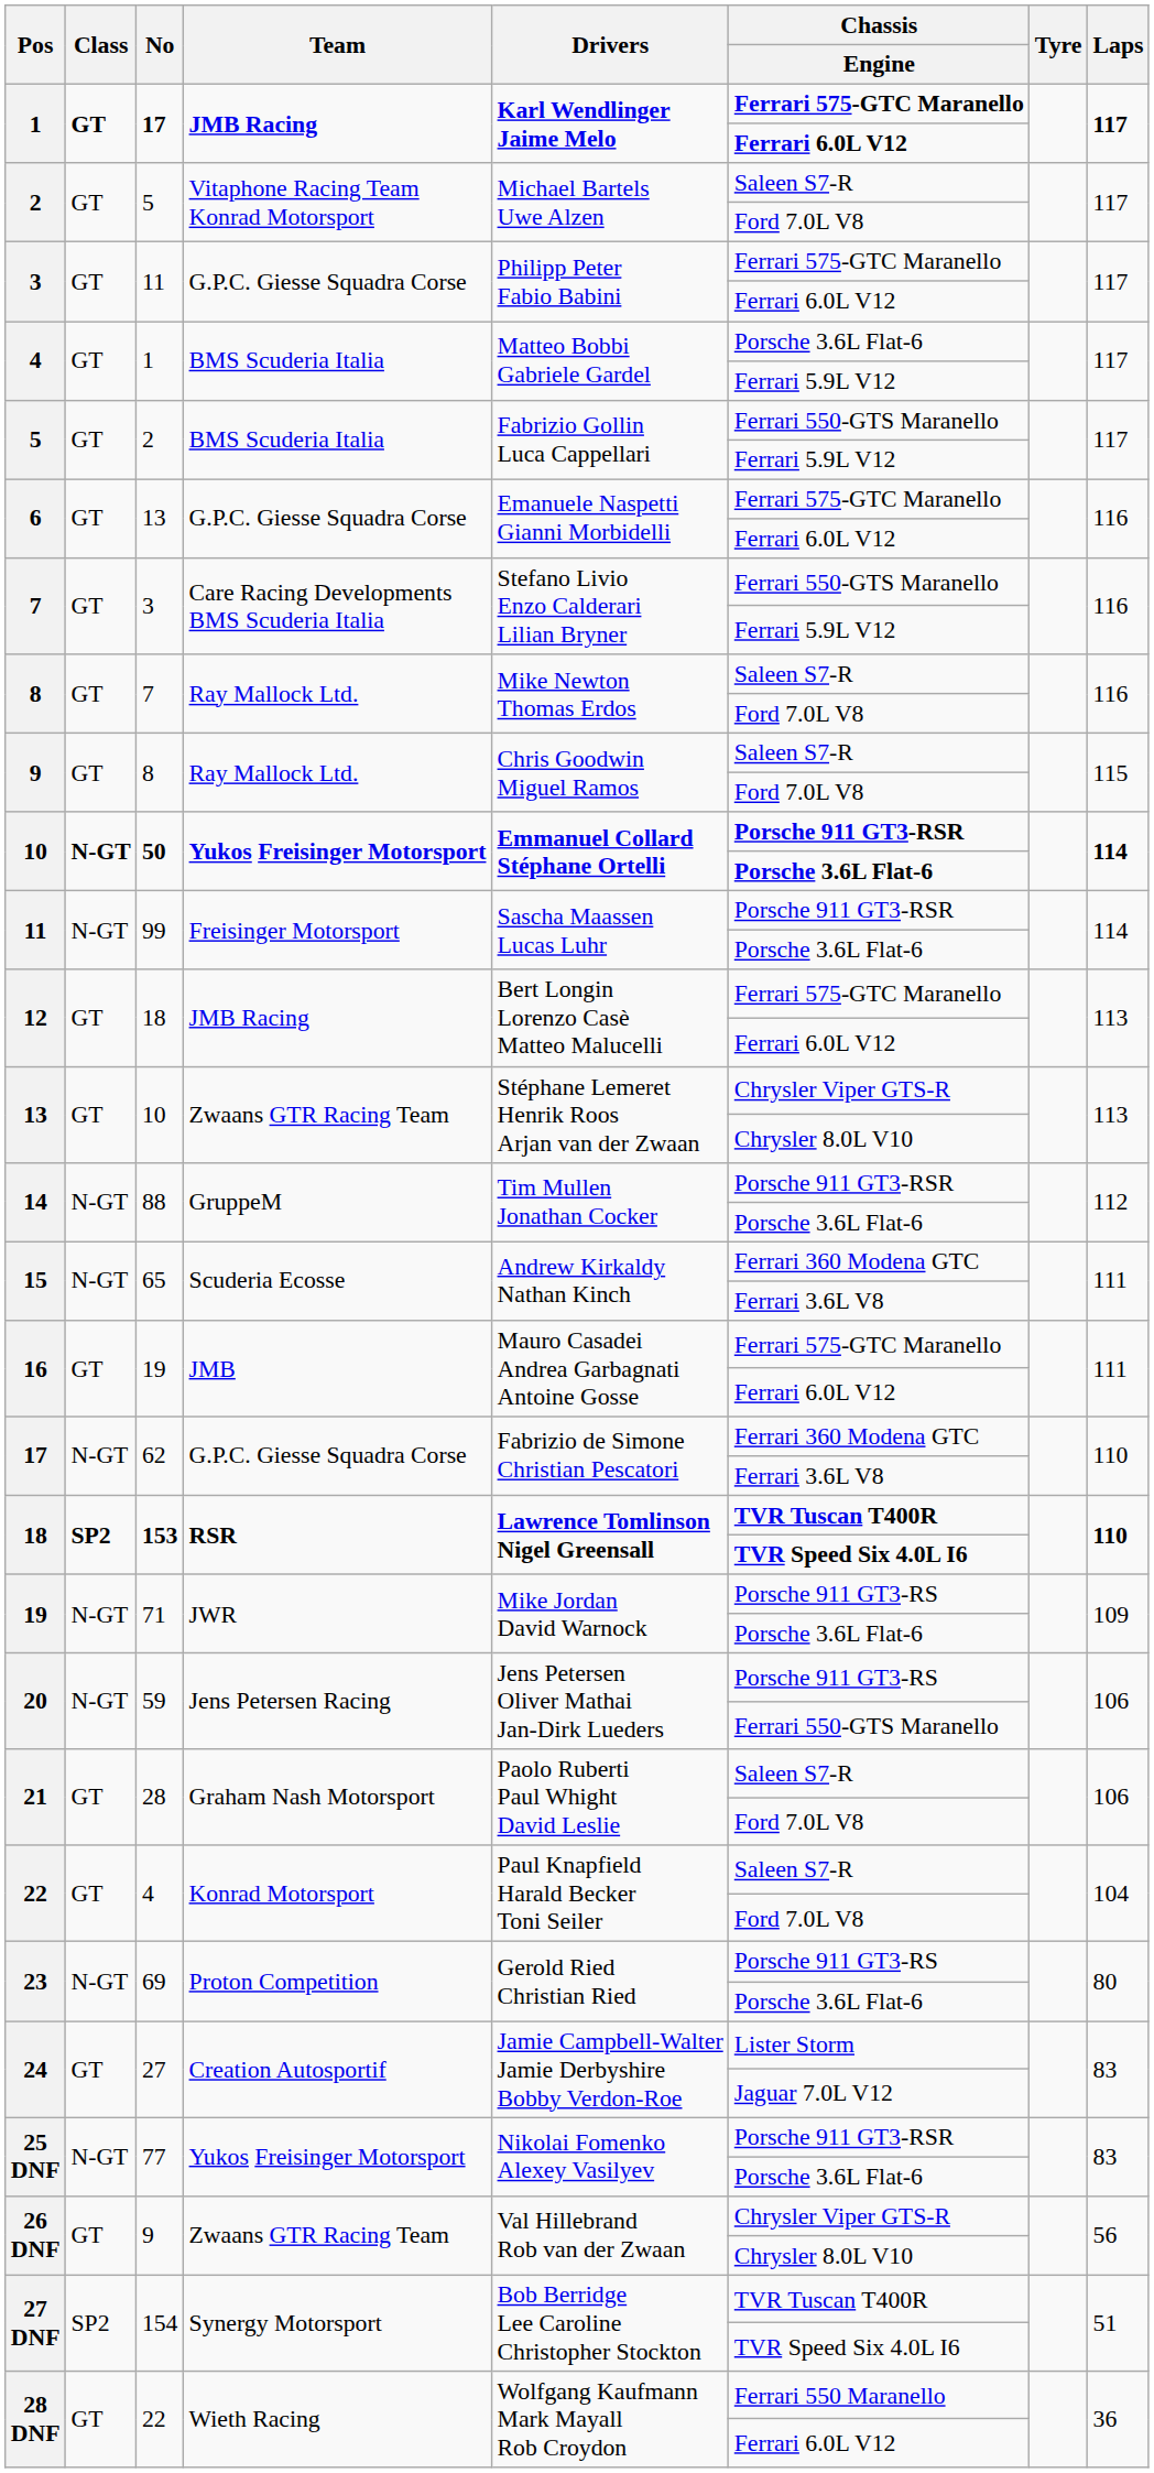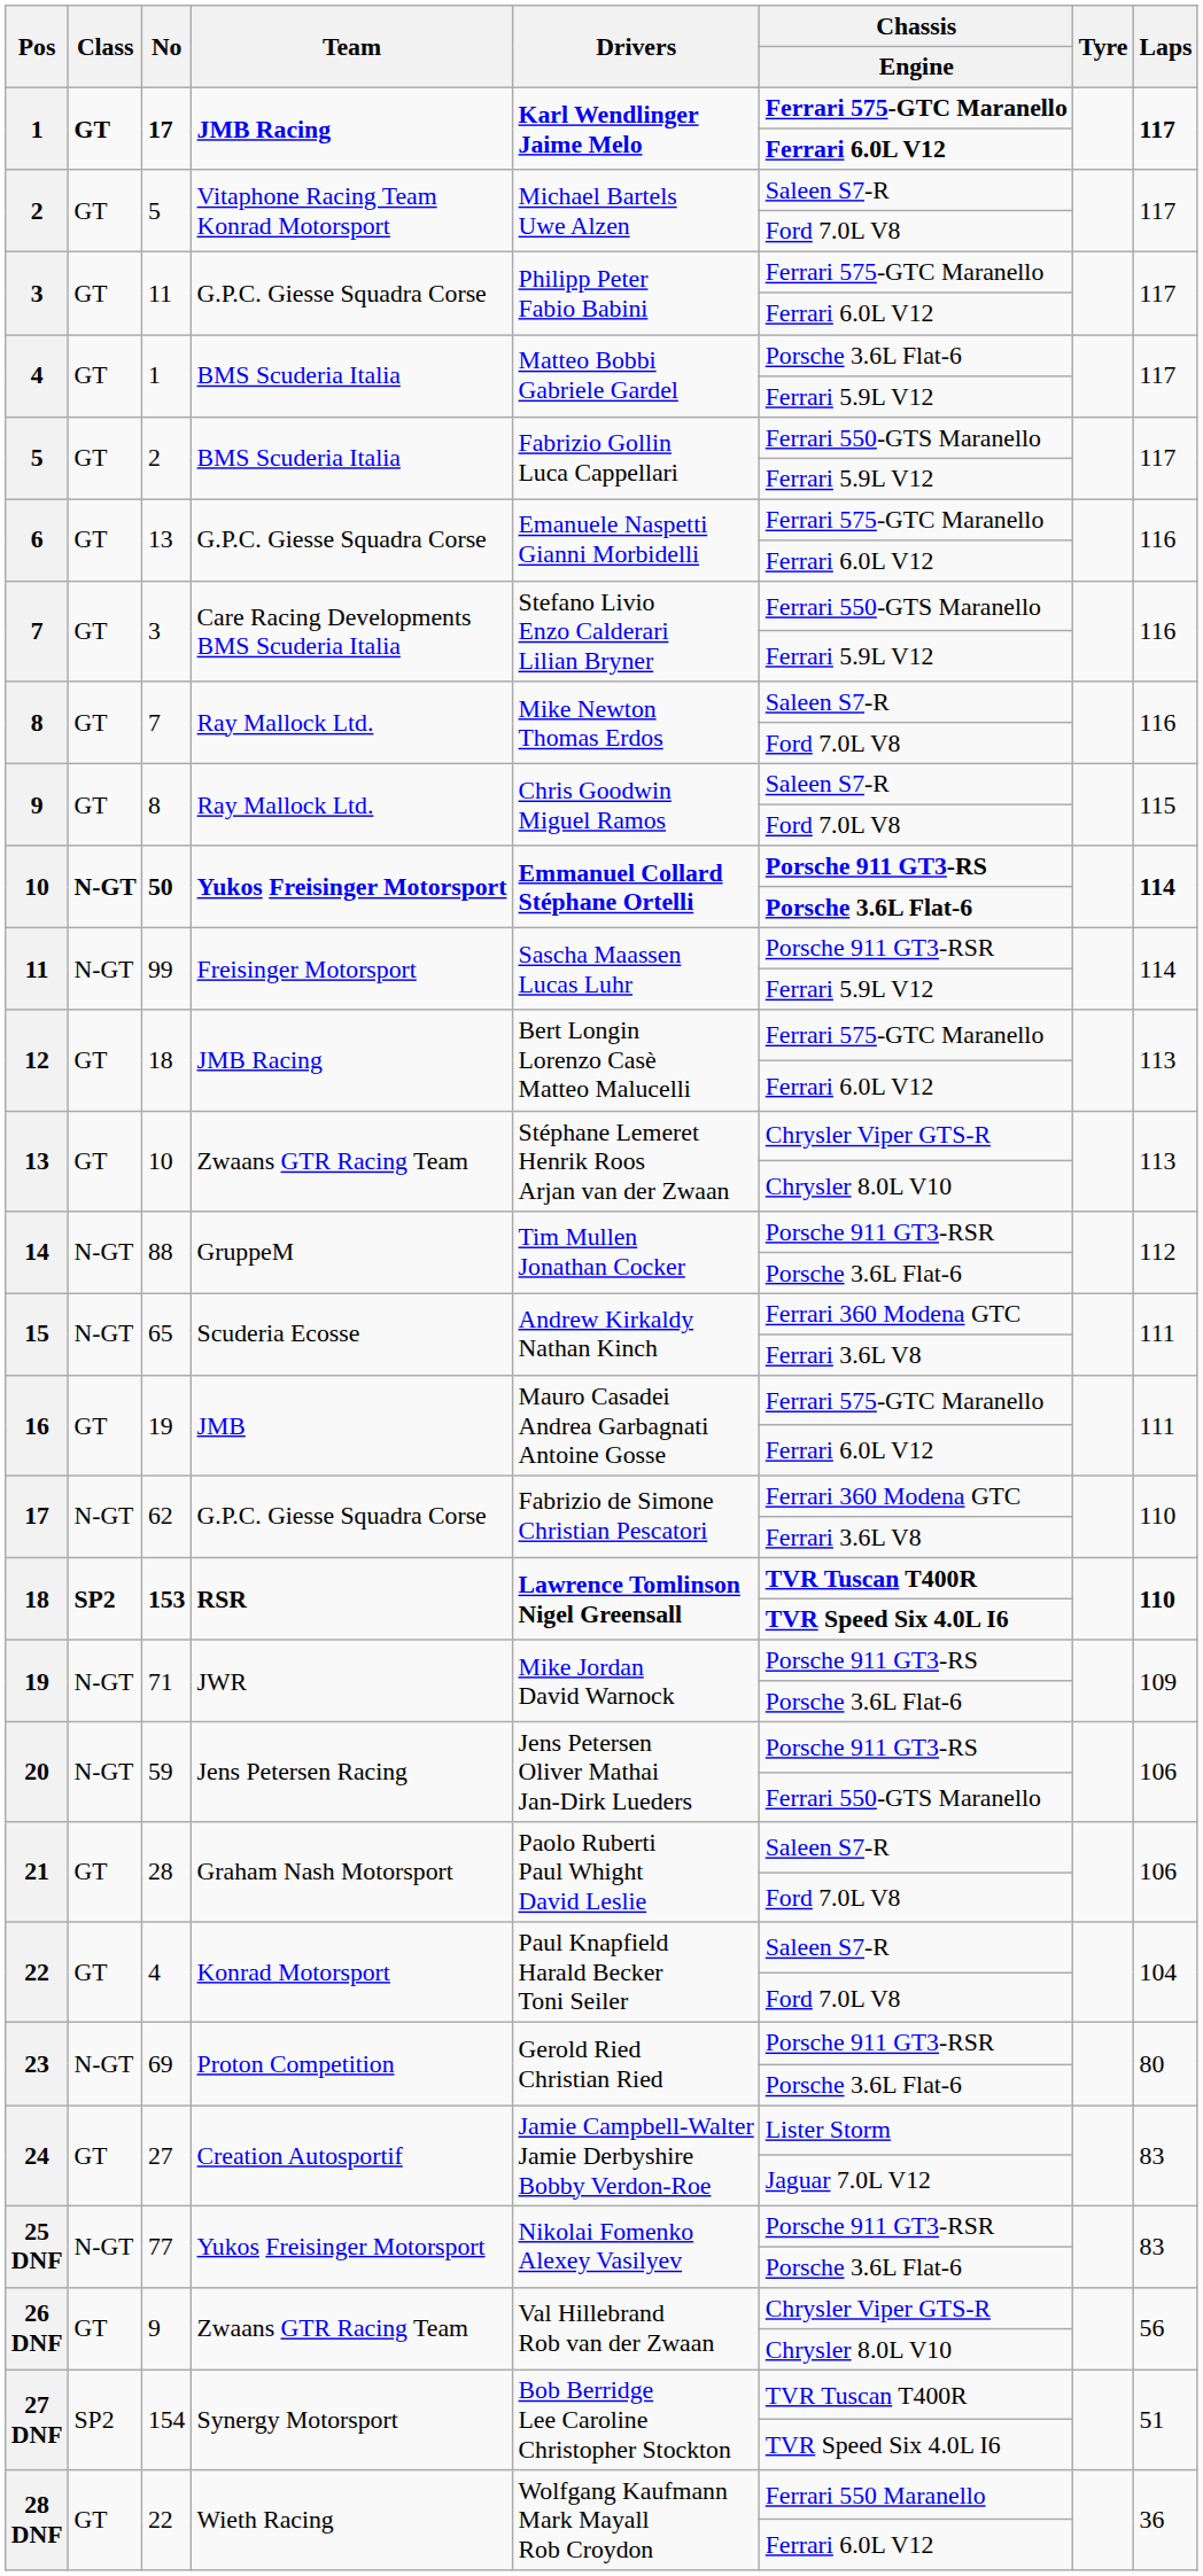 <table class="wikitable" style="font-size: 95%;">
 <tr>
 <th rowspan=2>Pos</th>
 <th rowspan=2>Class</th>
 <th rowspan=2>No</th>
 <th rowspan=2>Team</th>
 <th rowspan=2>Drivers</th>
 <th>Chassis</th>
 <th rowspan=2>Tyre</th>
 <th rowspan=2>Laps</th>
 </tr>
 <tr>
 <th>Engine</th>
 </tr>
 <tr style="font-weight:bold">
 <th rowspan=2>1</th>
 <td rowspan=2>GT</td>
 <td rowspan=2>17</td>
 <td rowspan=2> <a href='#'>JMB Racing</a></td>
 <td rowspan=2> <a href='#'>Karl Wendlinger</a><br> <a href='#'>Jaime Melo</a></td>
 <td><a href='#'>Ferrari 575</a>-GTC Maranello</td>
 <td rowspan=2></td>
 <td rowspan=2>117</td>
 </tr>
 <tr style="font-weight:bold">
 <td><a href='#'>Ferrari</a> 6.0L V12</td>
 </tr>
 <tr>
 <th rowspan=2>2</th>
 <td rowspan=2>GT</td>
 <td rowspan=2>5</td>
 <td rowspan=2> <a href='#'>Vitaphone Racing Team</a><br> <a href='#'>Konrad Motorsport</a></td>
 <td rowspan=2> <a href='#'>Michael Bartels</a><br> <a href='#'>Uwe Alzen</a></td>
 <td><a href='#'>Saleen S7</a>-R</td>
 <td rowspan=2></td>
 <td rowspan=2>117</td>
 </tr>
 <tr>
 <td><a href='#'>Ford</a> 7.0L V8</td>
 </tr>
 <tr>
 <th rowspan=2>3</th>
 <td rowspan=2>GT</td>
 <td rowspan=2>11</td>
 <td rowspan=2> G.P.C. Giesse Squadra Corse</td>
 <td rowspan=2> <a href='#'>Philipp Peter</a><br> <a href='#'>Fabio Babini</a></td>
 <td><a href='#'>Ferrari 575</a>-GTC Maranello</td>
 <td rowspan=2></td>
 <td rowspan=2>117</td>
 </tr>
 <tr>
 <td><a href='#'>Ferrari</a> 6.0L V12</td>
 </tr>
 <tr>
 <th rowspan=2>4</th>
 <td rowspan=2>GT</td>
 <td rowspan=2>1</td>
 <td rowspan=2> <a href='#'>BMS Scuderia Italia</a></td>
 <td rowspan=2> <a href='#'>Matteo Bobbi</a><br> <a href='#'>Gabriele Gardel</a></td>
 <td><a href='#'>Porsche</a> 3.6L Flat-6</td>
 <td rowspan=2></td>
 <td rowspan=2>117</td>
 </tr>
 <tr>
 <td><a href='#'>Ferrari</a> 5.9L V12</td>
 </tr>
 <tr>
 <th rowspan=2>5</th>
 <td rowspan=2>GT</td>
 <td rowspan=2>2</td>
 <td rowspan=2> <a href='#'>BMS Scuderia Italia</a></td>
 <td rowspan=2> <a href='#'>Fabrizio Gollin</a><br> Luca Cappellari</td>
 <td><a href='#'>Ferrari 550</a>-GTS Maranello</td>
 <td rowspan=2></td>
 <td rowspan=2>117</td>
 </tr>
 <tr>
 <td><a href='#'>Ferrari</a> 5.9L V12</td>
 </tr>
 <tr>
 <th rowspan=2>6</th>
 <td rowspan=2>GT</td>
 <td rowspan=2>13</td>
 <td rowspan=2> G.P.C. Giesse Squadra Corse</td>
 <td rowspan=2> <a href='#'>Emanuele Naspetti</a><br> <a href='#'>Gianni Morbidelli</a></td>
 <td><a href='#'>Ferrari 575</a>-GTC Maranello</td>
 <td rowspan=2></td>
 <td rowspan=2>116</td>
 </tr>
 <tr>
 <td><a href='#'>Ferrari</a> 6.0L V12</td>
 </tr>
 <tr>
 <th rowspan=2>7</th>
 <td rowspan=2>GT</td>
 <td rowspan=2>3</td>
 <td rowspan=2> Care Racing Developments<br> <a href='#'>BMS Scuderia Italia</a></td>
 <td rowspan=2> Stefano Livio<br> <a href='#'>Enzo Calderari</a><br> <a href='#'>Lilian Bryner</a></td>
 <td><a href='#'>Ferrari 550</a>-GTS Maranello</td>
 <td rowspan=2></td>
 <td rowspan=2>116</td>
 </tr>
 <tr>
 <td><a href='#'>Ferrari</a> 5.9L V12</td>
 </tr>
 <tr>
 <th rowspan=2>8</th>
 <td rowspan=2>GT</td>
 <td rowspan=2>7</td>
 <td rowspan=2> <a href='#'>Ray Mallock Ltd.</a></td>
 <td rowspan=2> <a href='#'>Mike Newton</a><br> <a href='#'>Thomas Erdos</a></td>
 <td><a href='#'>Saleen S7</a>-R</td>
 <td rowspan=2></td>
 <td rowspan=2>116</td>
 </tr>
 <tr>
 <td><a href='#'>Ford</a> 7.0L V8</td>
 </tr>
 <tr>
 <th rowspan=2>9</th>
 <td rowspan=2>GT</td>
 <td rowspan=2>8</td>
 <td rowspan=2> <a href='#'>Ray Mallock Ltd.</a></td>
 <td rowspan=2> <a href='#'>Chris Goodwin</a><br> <a href='#'>Miguel Ramos</a></td>
 <td><a href='#'>Saleen S7</a>-R</td>
 <td rowspan=2></td>
 <td rowspan=2>115</td>
 </tr>
 <tr>
 <td><a href='#'>Ford</a> 7.0L V8</td>
 </tr>
 <tr style="font-weight:bold">
 <th rowspan=2>10</th>
 <td rowspan=2>N-GT</td>
 <td rowspan=2>50</td>
 <td rowspan=2> <a href='#'>Yukos</a> <a href='#'>Freisinger Motorsport</a></td>
 <td rowspan=2> <a href='#'>Emmanuel Collard</a><br> <a href='#'>Stéphane Ortelli</a></td>
-<td><a href='#'>Porsche 911 GT3</a>-RSR</td>
+<td><a href='#'>Porsche 911 GT3</a>-RS</td>
 <td rowspan=2></td>
 <td rowspan=2>114</td>
 </tr>
 <tr style="font-weight:bold">
 <td><a href='#'>Porsche</a> 3.6L Flat-6</td>
 </tr>
 <tr>
 <th rowspan=2>11</th>
 <td rowspan=2>N-GT</td>
 <td rowspan=2>99</td>
 <td rowspan=2> <a href='#'>Freisinger Motorsport</a></td>
 <td rowspan=2> <a href='#'>Sascha Maassen</a><br> <a href='#'>Lucas Luhr</a></td>
 <td><a href='#'>Porsche 911 GT3</a>-RSR</td>
 <td rowspan=2></td>
 <td rowspan=2>114</td>
 </tr>
 <tr>
-<td><a href='#'>Porsche</a> 3.6L Flat-6</td>
+<td><a href='#'>Ferrari</a> 5.9L V12</td>
 </tr>
 <tr>
 <th rowspan=2>12</th>
 <td rowspan=2>GT</td>
 <td rowspan=2>18</td>
 <td rowspan=2> <a href='#'>JMB Racing</a></td>
 <td rowspan=2> Bert Longin<br> Lorenzo Casè<br> Matteo Malucelli</td>
 <td><a href='#'>Ferrari 575</a>-GTC Maranello</td>
 <td rowspan=2></td>
 <td rowspan=2>113</td>
 </tr>
 <tr>
 <td><a href='#'>Ferrari</a> 6.0L V12</td>
 </tr>
 <tr>
 <th rowspan=2>13</th>
 <td rowspan=2>GT</td>
 <td rowspan=2>10</td>
 <td rowspan=2> Zwaans <a href='#'>GTR Racing</a> Team</td>
 <td rowspan=2> Stéphane Lemeret<br> Henrik Roos<br> Arjan van der Zwaan</td>
 <td><a href='#'>Chrysler Viper GTS-R</a></td>
 <td rowspan=2></td>
 <td rowspan=2>113</td>
 </tr>
 <tr>
 <td><a href='#'>Chrysler</a> 8.0L V10</td>
 </tr>
 <tr>
 <th rowspan=2>14</th>
 <td rowspan=2>N-GT</td>
 <td rowspan=2>88</td>
 <td rowspan=2> GruppeM</td>
 <td rowspan=2> <a href='#'>Tim Mullen</a><br> <a href='#'>Jonathan Cocker</a></td>
 <td><a href='#'>Porsche 911 GT3</a>-RSR</td>
 <td rowspan=2></td>
 <td rowspan=2>112</td>
 </tr>
 <tr>
 <td><a href='#'>Porsche</a> 3.6L Flat-6</td>
 </tr>
 <tr>
 <th rowspan=2>15</th>
 <td rowspan=2>N-GT</td>
 <td rowspan=2>65</td>
 <td rowspan=2> Scuderia Ecosse</td>
 <td rowspan=2> <a href='#'>Andrew Kirkaldy</a><br> Nathan Kinch</td>
 <td><a href='#'>Ferrari 360 Modena</a> GTC</td>
 <td rowspan=2></td>
 <td rowspan=2>111</td>
 </tr>
 <tr>
 <td><a href='#'>Ferrari</a> 3.6L V8</td>
 </tr>
 <tr>
 <th rowspan=2>16</th>
 <td rowspan=2>GT</td>
 <td rowspan=2>19</td>
 <td rowspan=2> <a href='#'>JMB</a></td>
 <td rowspan=2> Mauro Casadei<br> Andrea Garbagnati<br> Antoine Gosse</td>
 <td><a href='#'>Ferrari 575</a>-GTC Maranello</td>
 <td rowspan=2></td>
 <td rowspan=2>111</td>
 </tr>
 <tr>
 <td><a href='#'>Ferrari</a> 6.0L V12</td>
 </tr>
 <tr>
 <th rowspan=2>17</th>
 <td rowspan=2>N-GT</td>
 <td rowspan=2>62</td>
 <td rowspan=2> G.P.C. Giesse Squadra Corse</td>
 <td rowspan=2> Fabrizio de Simone<br> <a href='#'>Christian Pescatori</a></td>
 <td><a href='#'>Ferrari 360 Modena</a> GTC</td>
 <td rowspan=2></td>
 <td rowspan=2>110</td>
 </tr>
 <tr>
 <td><a href='#'>Ferrari</a> 3.6L V8</td>
 </tr>
 <tr style="font-weight:bold">
 <th rowspan=2>18</th>
 <td rowspan=2>SP2</td>
 <td rowspan=2>153</td>
 <td rowspan=2> RSR</td>
 <td rowspan=2> <a href='#'>Lawrence Tomlinson</a><br> Nigel Greensall</td>
 <td><a href='#'>TVR Tuscan</a> T400R</td>
 <td rowspan=2></td>
 <td rowspan=2>110</td>
 </tr>
 <tr style="font-weight:bold">
 <td><a href='#'>TVR</a> Speed Six 4.0L I6</td>
 </tr>
 <tr>
 <th rowspan=2>19</th>
 <td rowspan=2>N-GT</td>
 <td rowspan=2>71</td>
 <td rowspan=2> JWR</td>
 <td rowspan=2> <a href='#'>Mike Jordan</a><br> David Warnock</td>
 <td><a href='#'>Porsche 911 GT3</a>-RS</td>
 <td rowspan=2></td>
 <td rowspan=2>109</td>
 </tr>
 <tr>
 <td><a href='#'>Porsche</a> 3.6L Flat-6</td>
 </tr>
 <tr>
 <th rowspan=2>20</th>
 <td rowspan=2>N-GT</td>
 <td rowspan=2>59</td>
 <td rowspan=2> Jens Petersen Racing</td>
 <td rowspan=2> Jens Petersen<br> Oliver Mathai<br> Jan-Dirk Lueders</td>
 <td><a href='#'>Porsche 911 GT3</a>-RS</td>
 <td rowspan=2></td>
 <td rowspan=2>106</td>
 </tr>
 <tr>
 <td><a href='#'>Ferrari 550</a>-GTS Maranello</td>
 </tr>
 <tr>
 <th rowspan=2>21</th>
 <td rowspan=2>GT</td>
 <td rowspan=2>28</td>
 <td rowspan=2> Graham Nash Motorsport</td>
 <td rowspan=2> Paolo Ruberti<br> Paul Whight<br> <a href='#'>David Leslie</a></td>
 <td><a href='#'>Saleen S7</a>-R</td>
 <td rowspan=2></td>
 <td rowspan=2>106</td>
 </tr>
 <tr>
 <td><a href='#'>Ford</a> 7.0L V8</td>
 </tr>
 <tr>
 <th rowspan=2>22</th>
 <td rowspan=2>GT</td>
 <td rowspan=2>4</td>
 <td rowspan=2> <a href='#'>Konrad Motorsport</a></td>
 <td rowspan=2> Paul Knapfield<br> Harald Becker<br> Toni Seiler</td>
 <td><a href='#'>Saleen S7</a>-R</td>
 <td rowspan=2></td>
 <td rowspan=2>104</td>
 </tr>
 <tr>
 <td><a href='#'>Ford</a> 7.0L V8</td>
 </tr>
 <tr>
 <th rowspan=2>23</th>
 <td rowspan=2>N-GT</td>
 <td rowspan=2>69</td>
 <td rowspan=2> <a href='#'>Proton Competition</a></td>
 <td rowspan=2> Gerold Ried<br> Christian Ried</td>
-<td><a href='#'>Porsche 911 GT3</a>-RS</td>
+<td><a href='#'>Porsche 911 GT3</a>-RSR</td>
 <td rowspan=2></td>
 <td rowspan=2>80</td>
 </tr>
 <tr>
 <td><a href='#'>Porsche</a> 3.6L Flat-6</td>
 </tr>
 <tr>
 <th rowspan=2>24</th>
 <td rowspan=2>GT</td>
 <td rowspan=2>27</td>
 <td rowspan=2> <a href='#'>Creation Autosportif</a></td>
 <td rowspan=2> <a href='#'>Jamie Campbell-Walter</a><br> Jamie Derbyshire<br> <a href='#'>Bobby Verdon-Roe</a></td>
 <td><a href='#'>Lister Storm</a></td>
 <td rowspan=2></td>
 <td rowspan=2>83</td>
 </tr>
 <tr>
 <td><a href='#'>Jaguar</a> 7.0L V12</td>
 </tr>
 <tr>
 <th rowspan=2>25<br>DNF</th>
 <td rowspan=2>N-GT</td>
 <td rowspan=2>77</td>
 <td rowspan=2> <a href='#'>Yukos</a> <a href='#'>Freisinger Motorsport</a></td>
 <td rowspan=2> <a href='#'>Nikolai Fomenko</a><br> <a href='#'>Alexey Vasilyev</a></td>
 <td><a href='#'>Porsche 911 GT3</a>-RSR</td>
 <td rowspan=2></td>
 <td rowspan=2>83</td>
 </tr>
 <tr>
 <td><a href='#'>Porsche</a> 3.6L Flat-6</td>
 </tr>
 <tr>
 <th rowspan=2>26<br>DNF</th>
 <td rowspan=2>GT</td>
 <td rowspan=2>9</td>
 <td rowspan=2> Zwaans <a href='#'>GTR Racing</a> Team</td>
 <td rowspan=2> Val Hillebrand<br> Rob van der Zwaan</td>
 <td><a href='#'>Chrysler Viper GTS-R</a></td>
 <td rowspan=2></td>
 <td rowspan=2>56</td>
 </tr>
 <tr>
 <td><a href='#'>Chrysler</a> 8.0L V10</td>
 </tr>
 <tr>
 <th rowspan=2>27<br>DNF</th>
 <td rowspan=2>SP2</td>
 <td rowspan=2>154</td>
 <td rowspan=2> Synergy Motorsport</td>
 <td rowspan=2> <a href='#'>Bob Berridge</a><br> Lee Caroline<br> Christopher Stockton</td>
 <td><a href='#'>TVR Tuscan</a> T400R</td>
 <td rowspan=2></td>
 <td rowspan=2>51</td>
 </tr>
 <tr>
 <td><a href='#'>TVR</a> Speed Six 4.0L I6</td>
 </tr>
 <tr>
 <th rowspan=2>28<br>DNF</th>
 <td rowspan=2>GT</td>
 <td rowspan=2>22</td>
 <td rowspan=2> Wieth Racing</td>
 <td rowspan=2> Wolfgang Kaufmann<br> Mark Mayall<br> Rob Croydon</td>
 <td><a href='#'>Ferrari 550 Maranello</a></td>
 <td rowspan=2></td>
 <td rowspan=2>36</td>
 </tr>
 <tr>
 <td><a href='#'>Ferrari</a> 6.0L V12</td>
 </tr>
 </table>
